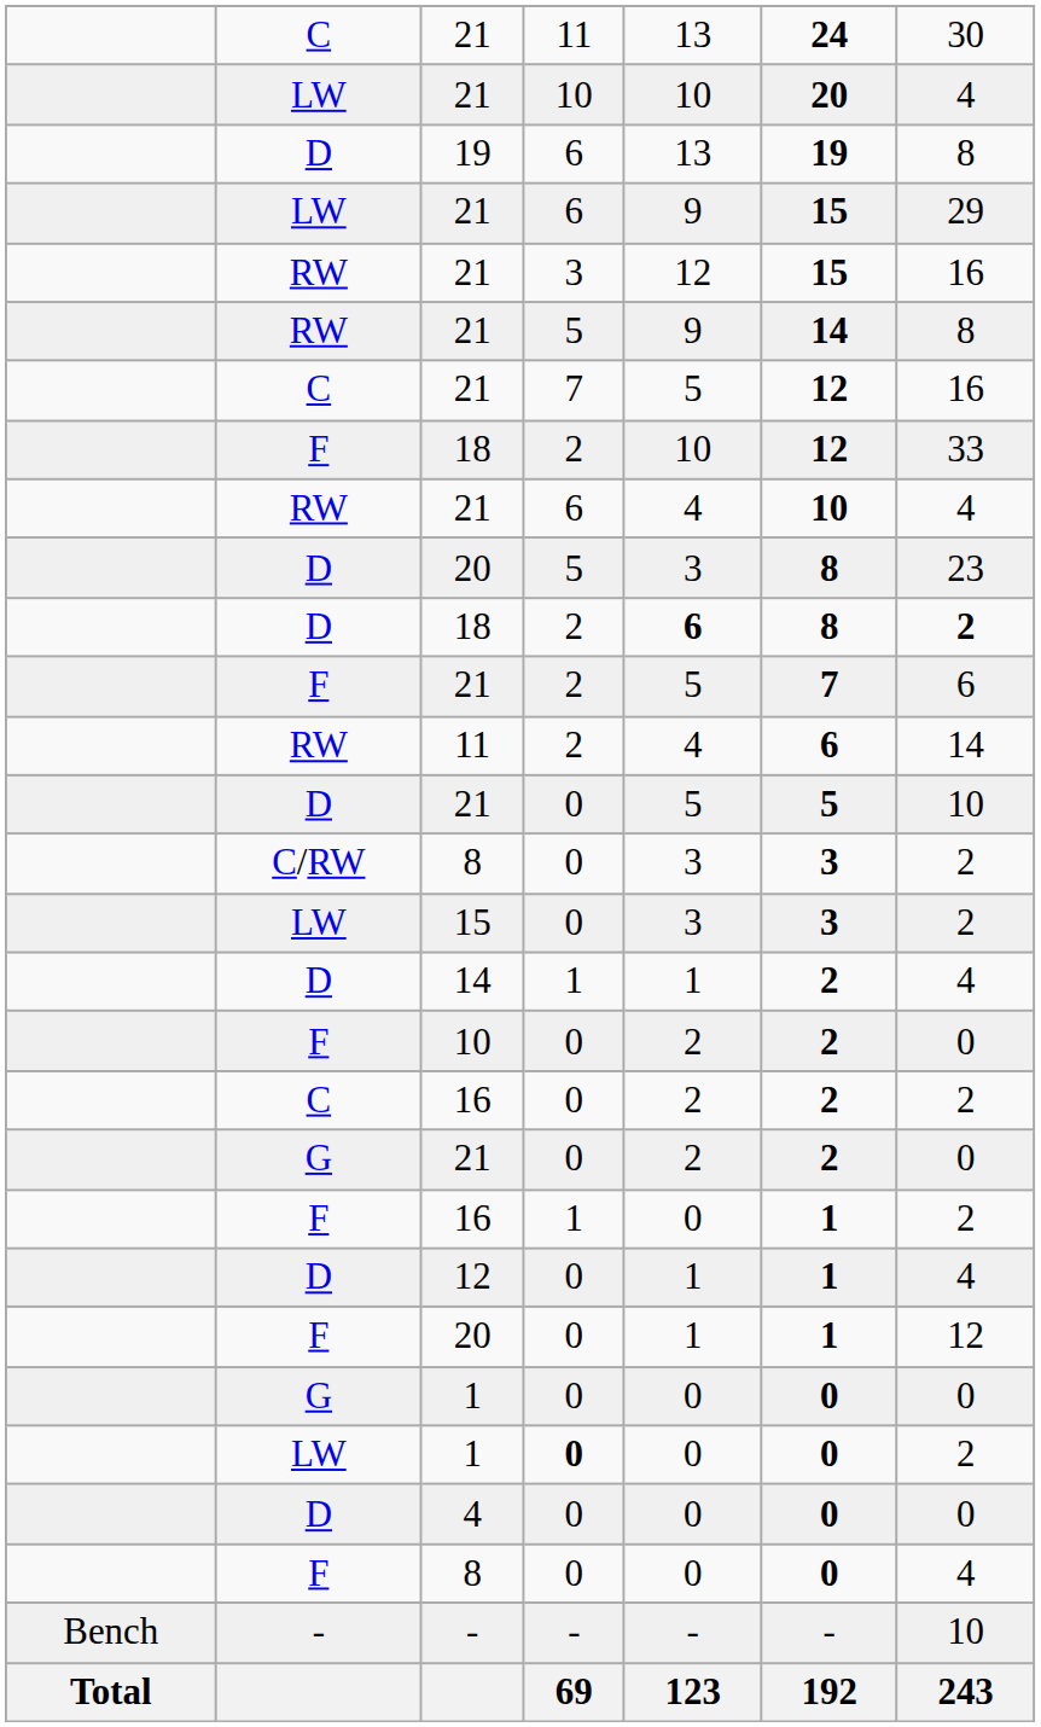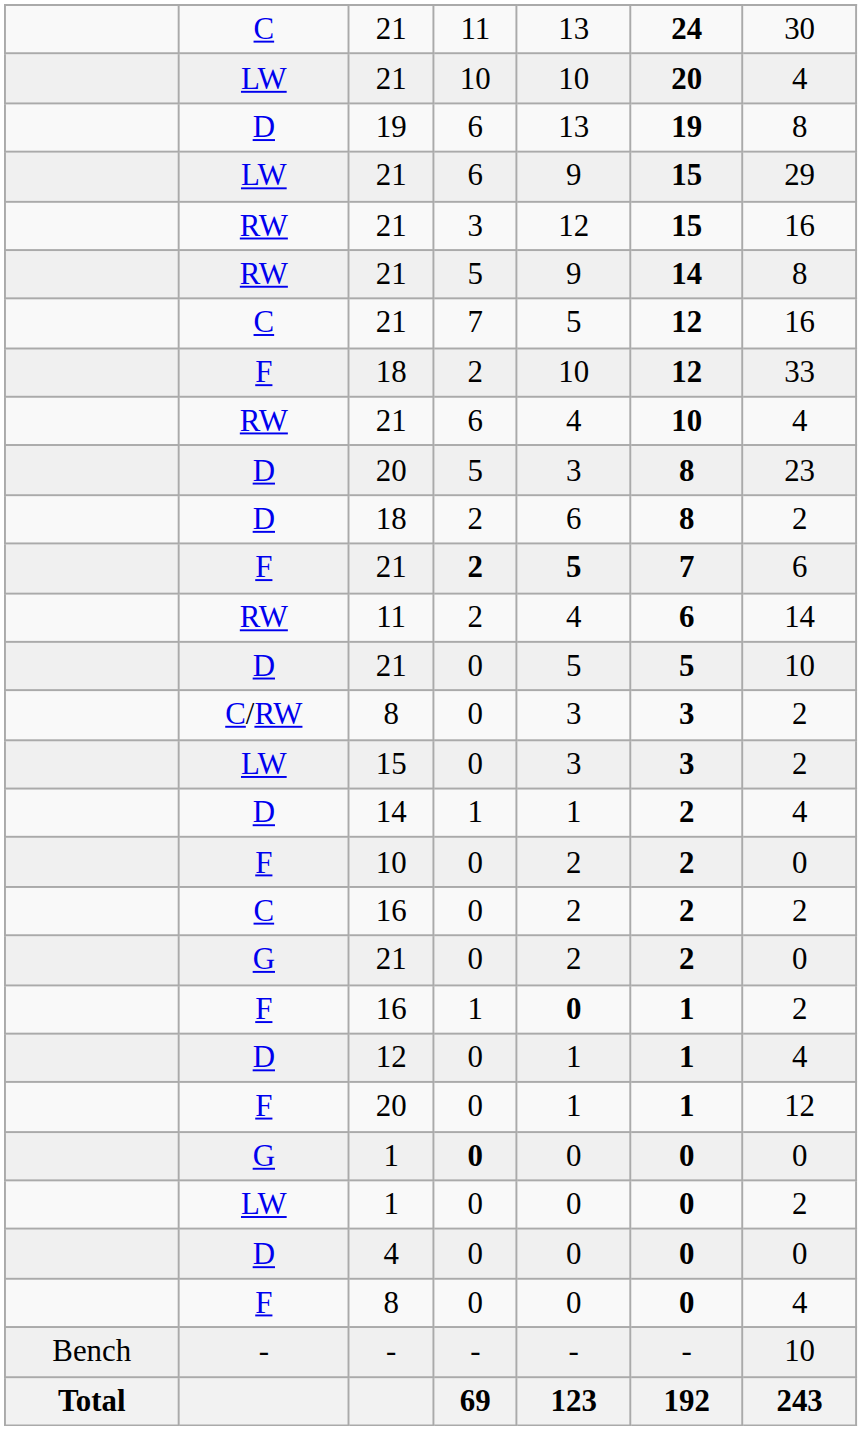 <table class="wikitable sortable" width ="50%">
 <tr align="center">
 </tr>
 <tr align="center" bgcolor="">
 <td></td>
 <td><a href='#'>C</a></td>
 <td>21</td>
 <td>11</td>
 <td>13</td>
 <td><strong>24</strong></td>
 <td>30</td>
 </tr>
 <tr align="center" bgcolor="f0f0f0">
 <td></td>
 <td><a href='#'>LW</a></td>
 <td>21</td>
 <td>10</td>
 <td>10</td>
 <td><strong>20</strong></td>
 <td>4</td>
 </tr>
 <tr align="center" bgcolor="">
 <td></td>
 <td><a href='#'>D</a></td>
 <td>19</td>
 <td>6</td>
 <td>13</td>
 <td><strong>19</strong></td>
 <td>8</td>
 </tr>
 <tr align="center" bgcolor="f0f0f0">
 <td></td>
 <td><a href='#'>LW</a></td>
 <td>21</td>
 <td>6</td>
 <td>9</td>
 <td><strong>15</strong></td>
 <td>29</td>
 </tr>
 <tr align="center" bgcolor="">
 <td></td>
 <td><a href='#'>RW</a></td>
 <td>21</td>
 <td>3</td>
 <td>12</td>
 <td><strong>15</strong></td>
 <td>16</td>
 </tr>
 <tr align="center" bgcolor="f0f0f0">
 <td></td>
 <td><a href='#'>RW</a></td>
 <td>21</td>
 <td>5</td>
 <td>9</td>
 <td><strong>14</strong></td>
 <td>8</td>
 </tr>
 <tr align="center" bgcolor="">
 <td></td>
 <td><a href='#'>C</a></td>
 <td>21</td>
 <td>7</td>
 <td>5</td>
 <td><strong>12</strong></td>
 <td>16</td>
 </tr>
 <tr align="center" bgcolor="f0f0f0">
 <td></td>
 <td><a href='#'>F</a></td>
 <td>18</td>
 <td>2</td>
 <td>10</td>
 <td><strong>12</strong></td>
 <td>33</td>
 </tr>
 <tr align="center" bgcolor="">
 <td></td>
 <td><a href='#'>RW</a></td>
 <td>21</td>
 <td>6</td>
 <td>4</td>
 <td><strong>10</strong></td>
 <td>4</td>
 </tr>
 <tr align="center" bgcolor="f0f0f0">
 <td></td>
 <td><a href='#'>D</a></td>
 <td>20</td>
 <td>5</td>
 <td>3</td>
 <td><strong>8</strong></td>
 <td>23</td>
 </tr>
 <tr align="center" bgcolor="">
 <td></td>
 <td><a href='#'>D</a></td>
 <td>18</td>
 <td>2</td>
-<td><strong>6</strong></td>
+<td>6</td>
 <td><strong>8</strong></td>
-<td><strong>2</strong></td>
+<td>2</td>
 </tr>
 <tr align="center" bgcolor="f0f0f0">
 <td></td>
 <td><a href='#'>F</a></td>
 <td>21</td>
-<td>2</td>
-<td>5</td>
+<td><strong>2</strong></td>
+<td><strong>5</strong></td>
 <td><strong>7</strong></td>
 <td>6</td>
 </tr>
 <tr align="center" bgcolor="">
 <td></td>
 <td><a href='#'>RW</a></td>
 <td>11</td>
 <td>2</td>
 <td>4</td>
 <td><strong>6</strong></td>
 <td>14</td>
 </tr>
 <tr align="center" bgcolor="f0f0f0">
 <td></td>
 <td><a href='#'>D</a></td>
 <td>21</td>
 <td>0</td>
 <td>5</td>
 <td><strong>5</strong></td>
 <td>10</td>
 </tr>
 <tr align="center" bgcolor="">
 <td></td>
 <td><a href='#'>C</a>/<a href='#'>RW</a></td>
 <td>8</td>
 <td>0</td>
 <td>3</td>
 <td><strong>3</strong></td>
 <td>2</td>
 </tr>
 <tr align="center" bgcolor="f0f0f0">
 <td></td>
 <td><a href='#'>LW</a></td>
 <td>15</td>
 <td>0</td>
 <td>3</td>
 <td><strong>3</strong></td>
 <td>2</td>
 </tr>
 <tr align="center" bgcolor="">
 <td></td>
 <td><a href='#'>D</a></td>
 <td>14</td>
 <td>1</td>
 <td>1</td>
 <td><strong>2</strong></td>
 <td>4</td>
 </tr>
 <tr align="center" bgcolor="f0f0f0">
 <td></td>
 <td><a href='#'>F</a></td>
 <td>10</td>
 <td>0</td>
 <td>2</td>
 <td><strong>2</strong></td>
 <td>0</td>
 </tr>
 <tr align="center" bgcolor="">
 <td></td>
 <td><a href='#'>C</a></td>
 <td>16</td>
 <td>0</td>
 <td>2</td>
 <td><strong>2</strong></td>
 <td>2</td>
 </tr>
 <tr align="center" bgcolor="f0f0f0">
 <td></td>
 <td><a href='#'>G</a></td>
 <td>21</td>
 <td>0</td>
 <td>2</td>
 <td><strong>2</strong></td>
 <td>0</td>
 </tr>
 <tr align="center" bgcolor="">
 <td></td>
 <td><a href='#'>F</a></td>
 <td>16</td>
 <td>1</td>
-<td>0</td>
+<td><strong>0</strong></td>
 <td><strong>1</strong></td>
 <td>2</td>
 </tr>
 <tr align="center" bgcolor="f0f0f0">
 <td></td>
 <td><a href='#'>D</a></td>
 <td>12</td>
 <td>0</td>
 <td>1</td>
 <td><strong>1</strong></td>
 <td>4</td>
 </tr>
 <tr align="center" bgcolor="">
 <td></td>
 <td><a href='#'>F</a></td>
 <td>20</td>
 <td>0</td>
 <td>1</td>
 <td><strong>1</strong></td>
 <td>12</td>
 </tr>
 <tr align="center" bgcolor="f0f0f0">
 <td></td>
 <td><a href='#'>G</a></td>
 <td>1</td>
-<td>0</td>
+<td><strong>0</strong></td>
 <td>0</td>
 <td><strong>0</strong></td>
 <td>0</td>
 </tr>
 <tr align="center" bgcolor="">
 <td></td>
 <td><a href='#'>LW</a></td>
 <td>1</td>
-<td><strong>0</strong></td>
+<td>0</td>
 <td>0</td>
 <td><strong>0</strong></td>
 <td>2</td>
 </tr>
 <tr align="center" bgcolor="f0f0f0">
 <td></td>
 <td><a href='#'>D</a></td>
 <td>4</td>
 <td>0</td>
 <td>0</td>
 <td><strong>0</strong></td>
 <td>0</td>
 </tr>
 <tr align="center" bgcolor="">
 <td></td>
 <td><a href='#'>F</a></td>
 <td>8</td>
 <td>0</td>
 <td>0</td>
 <td><strong>0</strong></td>
 <td>4</td>
 </tr>
 <tr align="center" bgcolor="f0f0f0">
 <td>Bench</td>
 <td>-</td>
 <td>-</td>
 <td>-</td>
 <td>-</td>
 <td>-</td>
 <td>10</td>
 </tr>
 <tr>
 <th>Total</th>
 <th></th>
 <th></th>
 <th>69</th>
 <th>123</th>
 <th>192</th>
 <th>243</th>
 </tr>
 </table>
